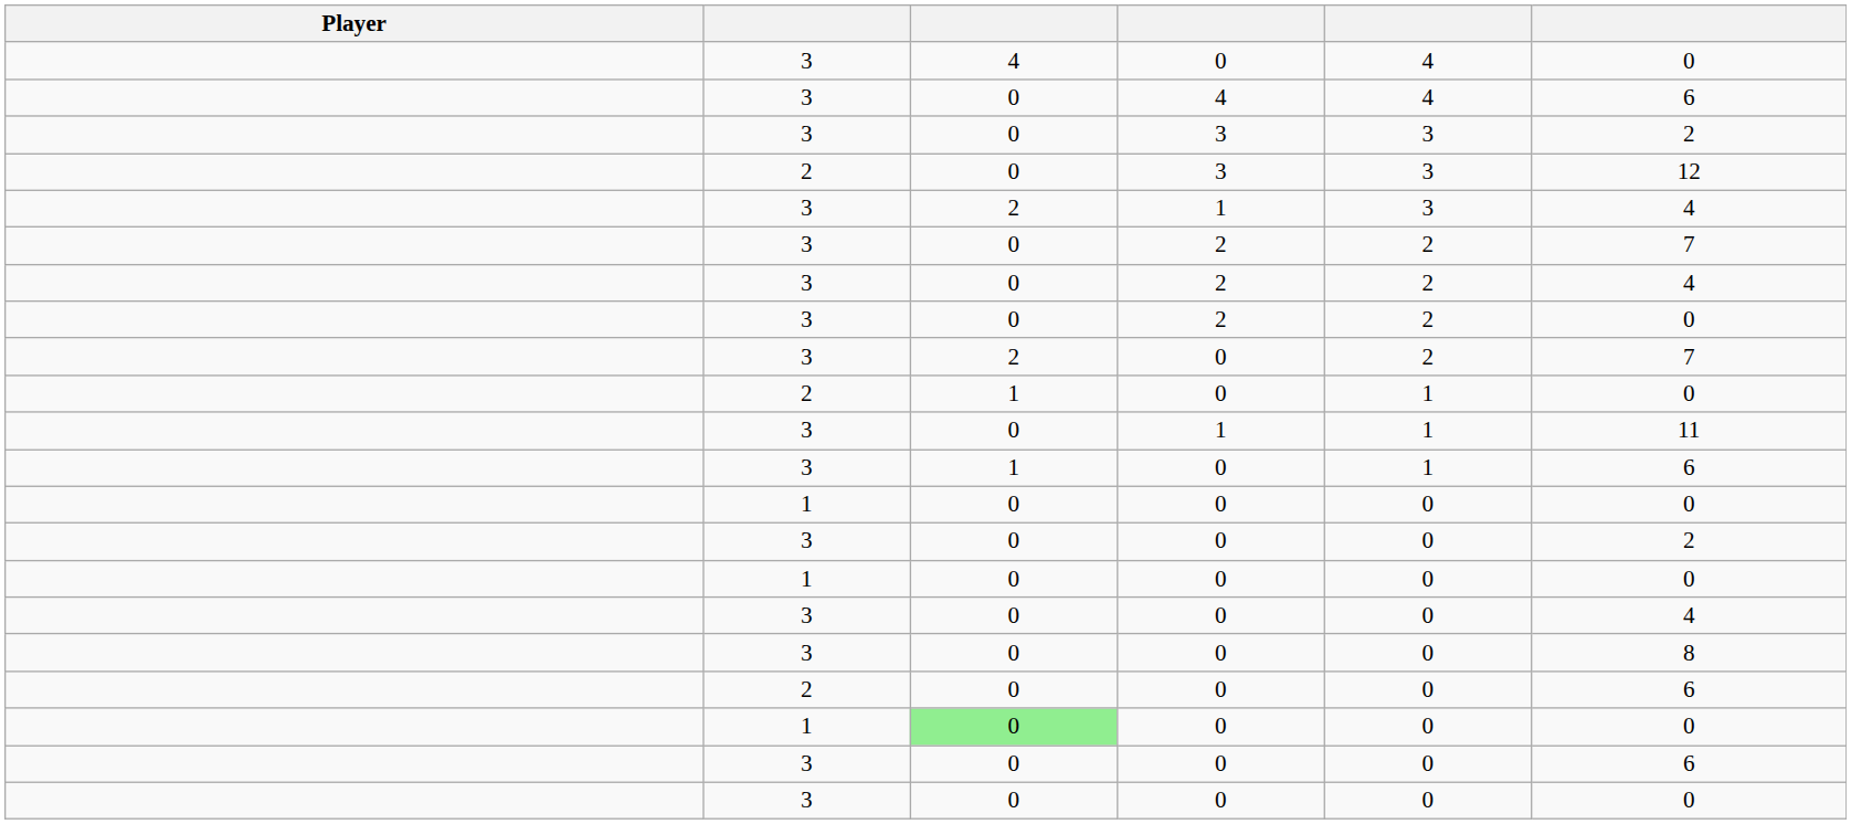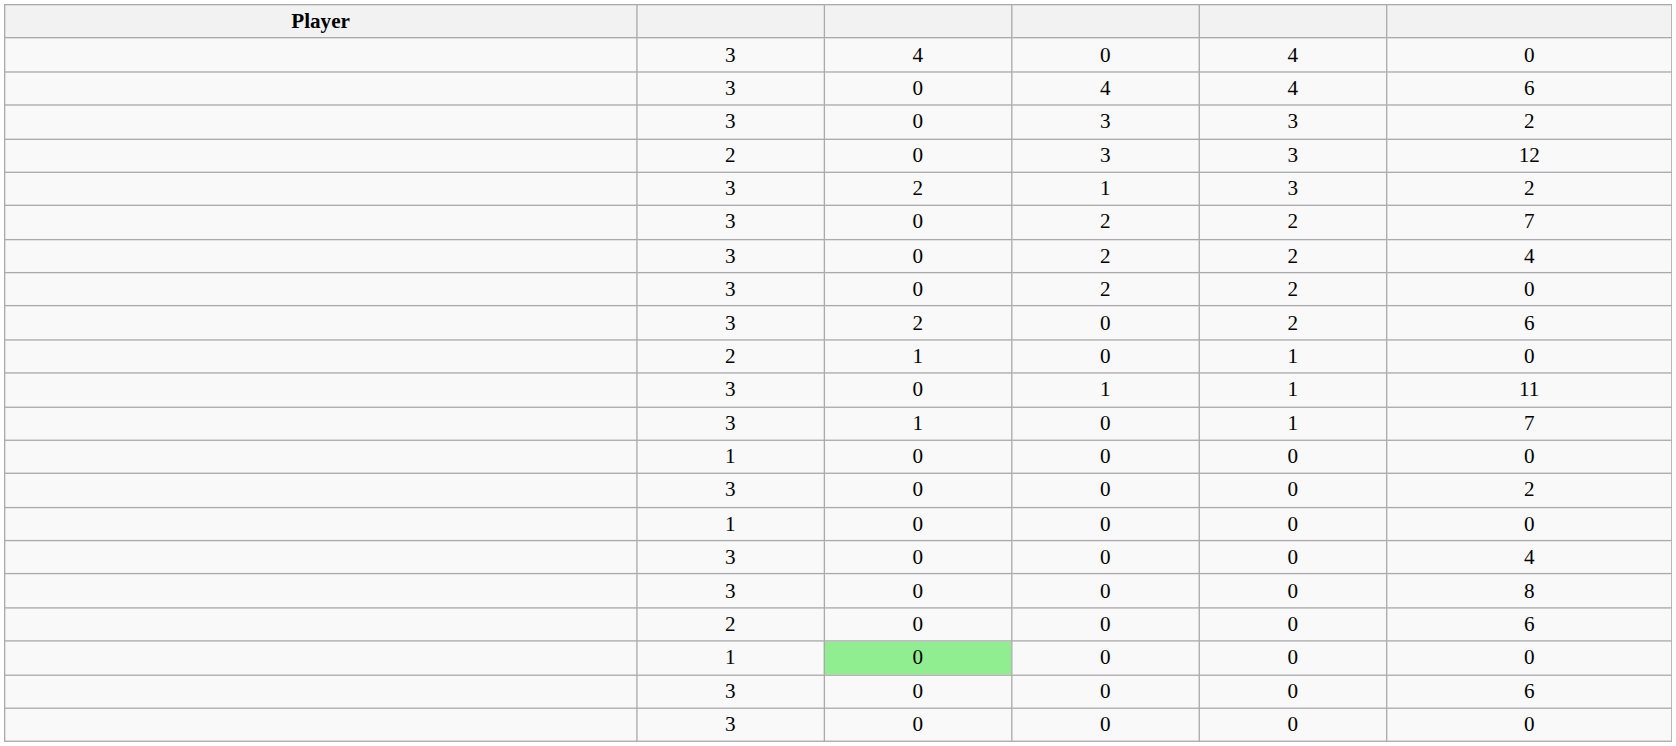 <table class="wikitable sortable" style="width:100%;">
 <tr align=center>
 <th>Player</th>
 <th></th>
 <th></th>
 <th></th>
 <th></th>
 <th></th>
 </tr>
 <tr align=center>
 <td></td>
 <td>3</td>
 <td>4</td>
 <td>0</td>
 <td>4</td>
 <td>0</td>
 </tr>
 <tr align=center>
 <td></td>
 <td>3</td>
 <td>0</td>
 <td>4</td>
 <td>4</td>
 <td>6</td>
 </tr>
 <tr align=center>
 <td></td>
 <td>3</td>
 <td>0</td>
 <td>3</td>
 <td>3</td>
 <td>2</td>
 </tr>
 <tr align=center>
 <td></td>
 <td>2</td>
 <td>0</td>
 <td>3</td>
 <td>3</td>
 <td>12</td>
 </tr>
 <tr align=center>
 <td></td>
 <td>3</td>
 <td>2</td>
 <td>1</td>
 <td>3</td>
-<td>4</td>
+<td>2</td>
 </tr>
 <tr align=center>
 <td></td>
 <td>3</td>
 <td>0</td>
 <td>2</td>
 <td>2</td>
 <td>7</td>
 </tr>
 <tr align=center>
 <td></td>
 <td>3</td>
 <td>0</td>
 <td>2</td>
 <td>2</td>
 <td>4</td>
 </tr>
 <tr align=center>
 <td></td>
 <td>3</td>
 <td>0</td>
 <td>2</td>
 <td>2</td>
 <td>0</td>
 </tr>
 <tr align=center>
 <td></td>
 <td>3</td>
 <td>2</td>
 <td>0</td>
 <td>2</td>
-<td>7</td>
+<td>6</td>
 </tr>
 <tr align=center>
 <td></td>
 <td>2</td>
 <td>1</td>
 <td>0</td>
 <td>1</td>
 <td>0</td>
 </tr>
 <tr align=center>
 <td></td>
 <td>3</td>
 <td>0</td>
 <td>1</td>
 <td>1</td>
 <td>11</td>
 </tr>
 <tr align=center>
 <td></td>
 <td>3</td>
 <td>1</td>
 <td>0</td>
 <td>1</td>
-<td>6</td>
+<td>7</td>
 </tr>
 <tr align=center>
 <td></td>
 <td>1</td>
 <td>0</td>
 <td>0</td>
 <td>0</td>
 <td>0</td>
 </tr>
 <tr align=center>
 <td></td>
 <td>3</td>
 <td>0</td>
 <td>0</td>
 <td>0</td>
 <td>2</td>
 </tr>
 <tr align=center>
 <td></td>
 <td>1</td>
 <td>0</td>
 <td>0</td>
 <td>0</td>
 <td>0</td>
 </tr>
 <tr align=center>
 <td></td>
 <td>3</td>
 <td>0</td>
 <td>0</td>
 <td>0</td>
 <td>4</td>
 </tr>
 <tr align=center>
 <td></td>
 <td>3</td>
 <td>0</td>
 <td>0</td>
 <td>0</td>
 <td>8</td>
 </tr>
 <tr align=center>
 <td></td>
 <td>2</td>
 <td>0</td>
 <td>0</td>
 <td>0</td>
 <td>6</td>
 </tr>
 <tr align=center>
 <td></td>
 <td>1</td>
 <td style="background: lightgreen;">0</td>
 <td>0</td>
 <td>0</td>
 <td>0</td>
 </tr>
 <tr align=center>
 <td></td>
 <td>3</td>
 <td>0</td>
 <td>0</td>
 <td>0</td>
 <td>6</td>
 </tr>
 <tr align=center>
 <td></td>
 <td>3</td>
 <td>0</td>
 <td>0</td>
 <td>0</td>
 <td>0</td>
 </tr>
 </table>
